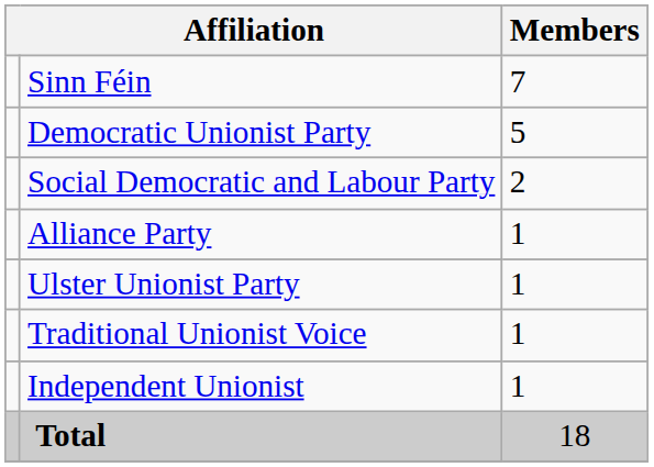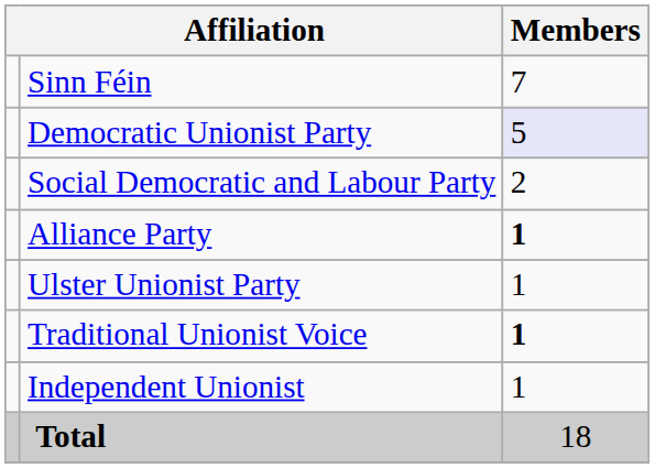 <table class="wikitable">
 <tr>
 <th colspan="2">Affiliation</th>
 <th>Members</th>
 </tr>
 <tr>
 <td></td>
 <td><a href='#'>Sinn Féin</a></td>
 <td>7</td>
 </tr>
 <tr>
 <td></td>
 <td><a href='#'>Democratic Unionist Party</a></td>
-<td>5</td>
+<td style="background: lavender;">5</td>
 </tr>
 <tr>
 <td></td>
 <td><a href='#'>Social Democratic and Labour Party</a></td>
 <td>2</td>
 </tr>
 <tr>
 <td></td>
 <td><a href='#'>Alliance Party</a></td>
-<td>1</td>
+<td><strong>1</strong></td>
 </tr>
 <tr>
 <td></td>
 <td><a href='#'>Ulster Unionist Party</a></td>
 <td>1</td>
 </tr>
 <tr>
 <td></td>
 <td><a href='#'>Traditional Unionist Voice</a></td>
-<td>1</td>
+<td><strong>1</strong></td>
 </tr>
 <tr>
 <td></td>
 <td><a href='#'>Independent Unionist</a></td>
 <td>1</td>
 </tr>
 <tr bgcolor="CCCCCC">
 <td></td>
 <td> <strong>Total</strong></td>
 <td style="text-align:center;">18</td>
 </tr>
 <tr>
 </tr>
 </table>
